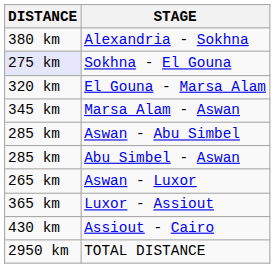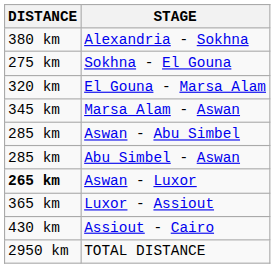 <table class="wikitable">
 <tr>
 <th>DISTANCE</th>
 <th>STAGE</th>
 </tr>
 <tr>
 <td>380 km</td>
 <td><a href='#'>Alexandria</a> - <a href='#'>Sokhna</a></td>
 </tr>
 <tr>
-<td style="background: lavender;">275 km</td>
+<td>275 km</td>
 <td><a href='#'>Sokhna</a> - <a href='#'>El Gouna</a></td>
 </tr>
 <tr>
 <td>320 km</td>
 <td><a href='#'>El Gouna</a> - <a href='#'>Marsa Alam</a></td>
 </tr>
 <tr>
 <td>345 km</td>
 <td><a href='#'>Marsa Alam</a> - <a href='#'>Aswan</a></td>
 </tr>
 <tr>
 <td>285 km</td>
 <td><a href='#'>Aswan</a> - <a href='#'>Abu Simbel</a></td>
 </tr>
 <tr>
 <td>285 km</td>
 <td><a href='#'>Abu Simbel</a> - <a href='#'>Aswan</a></td>
 </tr>
 <tr>
-<td>265 km</td>
+<td><strong>265 km</strong></td>
 <td><a href='#'>Aswan</a> - <a href='#'>Luxor</a></td>
 </tr>
 <tr>
 <td>365 km</td>
 <td><a href='#'>Luxor</a> - <a href='#'>Assiout</a></td>
 </tr>
 <tr>
 <td>430 km</td>
 <td><a href='#'>Assiout</a> - <a href='#'>Cairo</a></td>
 </tr>
 <tr>
 <td>2950 km</td>
 <td>TOTAL DISTANCE</td>
 </tr>
 </table>
